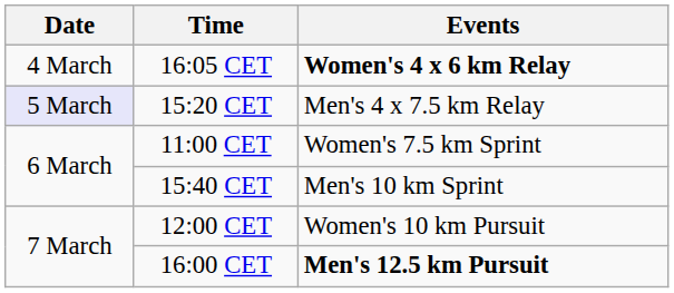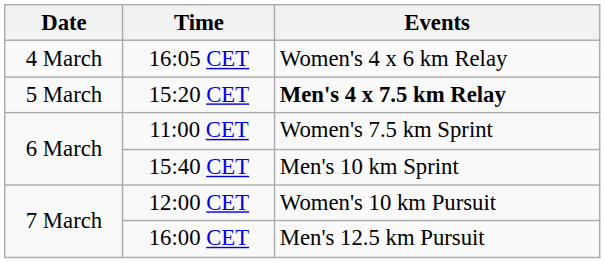 <table class="wikitable" style="text-align: center" width="420">
 <tr>
 <th>Date</th>
 <th>Time</th>
 <th>Events</th>
 </tr>
 <tr>
 <td rowspan=1>4 March</td>
 <td>16:05 <a href='#'>CET</a></td>
-<td style="text-align: left"><strong>Women's 4 x 6 km Relay</strong></td>
+<td style="text-align: left">Women's 4 x 6 km Relay</td>
 </tr>
 <tr>
-<td rowspan=1 style="background: lavender;">5 March</td>
+<td rowspan=1>5 March</td>
 <td>15:20 <a href='#'>CET</a></td>
-<td style="text-align: left">Men's 4 x 7.5 km Relay</td>
+<td style="text-align: left"><strong>Men's 4 x 7.5 km Relay</strong></td>
 </tr>
 <tr>
 <td rowspan=2>6 March</td>
 <td>11:00 <a href='#'>CET</a></td>
 <td style="text-align: left">Women's 7.5 km Sprint</td>
 </tr>
 <tr>
 <td>15:40 <a href='#'>CET</a></td>
 <td style="text-align: left">Men's 10 km Sprint</td>
 </tr>
 <tr>
 <td rowspan=2>7 March</td>
 <td>12:00 <a href='#'>CET</a></td>
 <td style="text-align: left">Women's 10 km Pursuit</td>
 </tr>
 <tr>
 <td>16:00 <a href='#'>CET</a></td>
-<td style="text-align: left"><strong>Men's 12.5 km Pursuit</strong></td>
+<td style="text-align: left">Men's 12.5 km Pursuit</td>
 </tr>
 </table>
